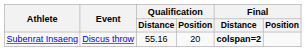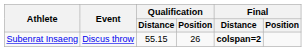 <table class=wikitable style="font-size:90%">
 <tr>
 <th rowspan="2">Athlete</th>
 <th rowspan="2">Event</th>
 <th colspan="2">Qualification</th>
 <th colspan="2">Final</th>
 </tr>
 <tr style="font-size:95%">
 <th>Distance</th>
 <th>Position</th>
 <th>Distance</th>
 <th>Position</th>
 </tr>
 <tr style=text-align:center>
 <td style=text-align:left><a href='#'>Subenrat Insaeng</a></td>
 <td style=text-align:left  rowspan=4><a href='#'>Discus throw</a></td>
-<td>55.16</td>
-<td>20</td>
+<td>55.15</td>
+<td>26</td>
 <td><strong>colspan=2 </strong></td>
 </tr>
 </table>
